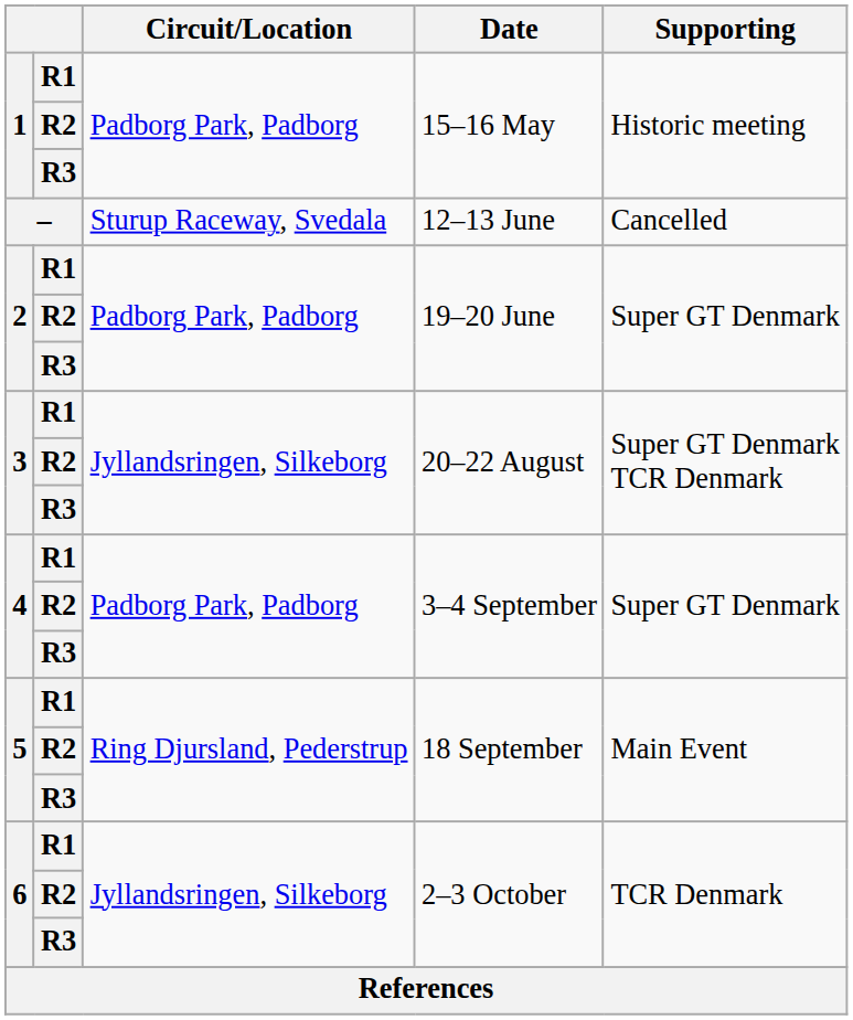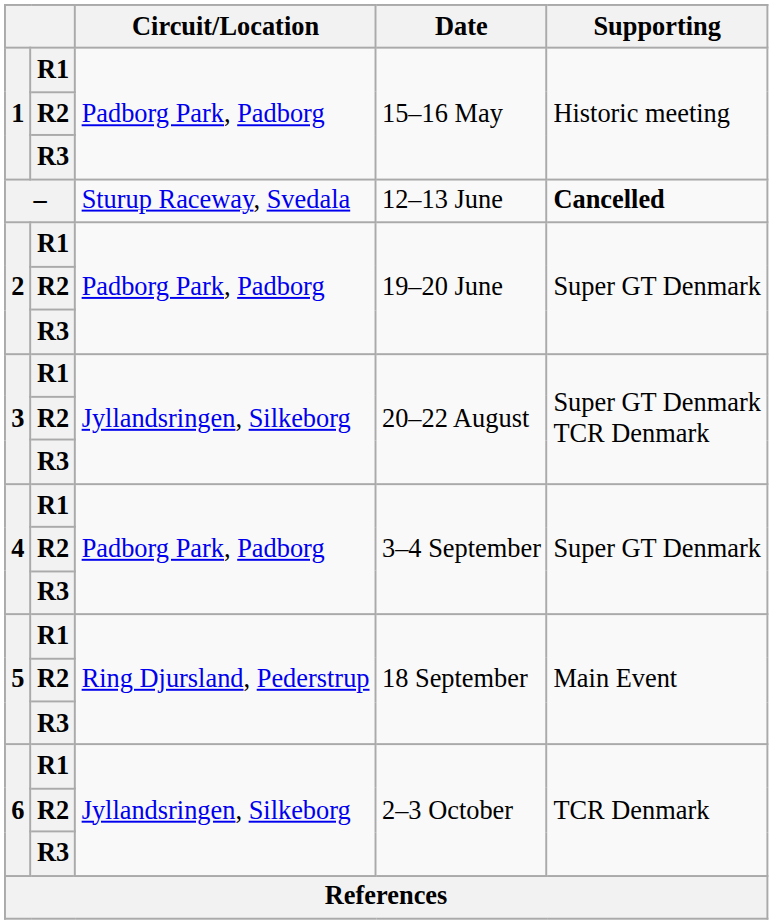 <table class="wikitable" style="font-size: 85%;">
 <tr>
 <th colspan=2></th>
 <th>Circuit/Location</th>
 <th>Date</th>
 <th>Supporting</th>
 </tr>
 <tr>
 <th rowspan=3>1</th>
 <th>R1</th>
 <td rowspan=3> <a href='#'>Padborg Park</a>, <a href='#'>Padborg</a></td>
 <td rowspan=3>15–16 May</td>
 <td rowspan=3>Historic meeting</td>
 </tr>
 <tr>
 <th>R2</th>
 </tr>
 <tr>
 <th>R3</th>
 </tr>
 <tr>
 <th colspan=2>–</th>
 <td> <a href='#'>Sturup Raceway</a>, <a href='#'>Svedala</a></td>
 <td>12–13 June</td>
-<td>Cancelled</td>
+<td><strong>Cancelled</strong></td>
 </tr>
 <tr>
 <th rowspan=3>2</th>
 <th>R1</th>
 <td rowspan=3> <a href='#'>Padborg Park</a>, <a href='#'>Padborg</a></td>
 <td rowspan=3>19–20 June</td>
 <td rowspan=3>Super GT Denmark</td>
 </tr>
 <tr>
 <th>R2</th>
 </tr>
 <tr>
 <th>R3</th>
 </tr>
 <tr>
 <th rowspan=3>3</th>
 <th>R1</th>
 <td rowspan=3> <a href='#'>Jyllandsringen</a>, <a href='#'>Silkeborg</a></td>
 <td rowspan=3>20–22 August</td>
 <td rowspan=3>Super GT Denmark<br>TCR Denmark</td>
 </tr>
 <tr>
 <th>R2</th>
 </tr>
 <tr>
 <th>R3</th>
 </tr>
 <tr>
 <th rowspan=3>4</th>
 <th>R1</th>
 <td rowspan=3> <a href='#'>Padborg Park</a>, <a href='#'>Padborg</a></td>
 <td rowspan=3>3–4 September</td>
 <td rowspan=3>Super GT Denmark</td>
 </tr>
 <tr>
 <th>R2</th>
 </tr>
 <tr>
 <th>R3</th>
 </tr>
 <tr>
 <th rowspan=3>5</th>
 <th>R1</th>
 <td rowspan=3> <a href='#'>Ring Djursland</a>, <a href='#'>Pederstrup</a></td>
 <td rowspan=3>18 September</td>
 <td rowspan=3>Main Event</td>
 </tr>
 <tr>
 <th>R2</th>
 </tr>
 <tr>
 <th>R3</th>
 </tr>
 <tr>
 <th rowspan=3>6</th>
 <th>R1</th>
 <td rowspan=3> <a href='#'>Jyllandsringen</a>, <a href='#'>Silkeborg</a></td>
 <td rowspan=3>2–3 October</td>
 <td rowspan=3>TCR Denmark</td>
 </tr>
 <tr>
 <th>R2</th>
 </tr>
 <tr>
 <th>R3</th>
 </tr>
 <tr>
 <th colspan=5>References</th>
 </tr>
 </table>
